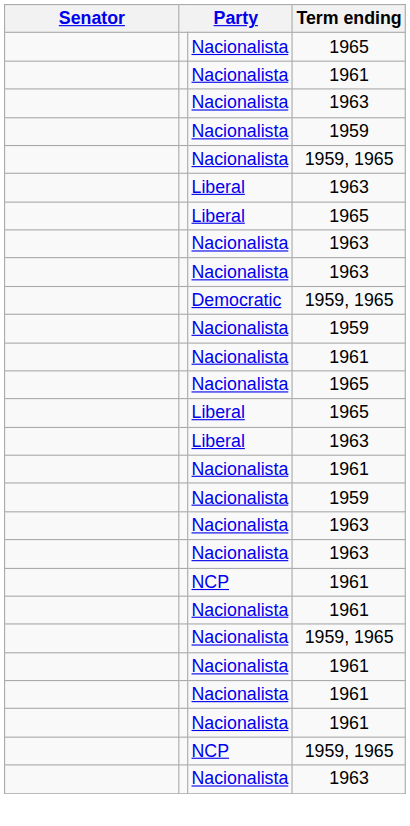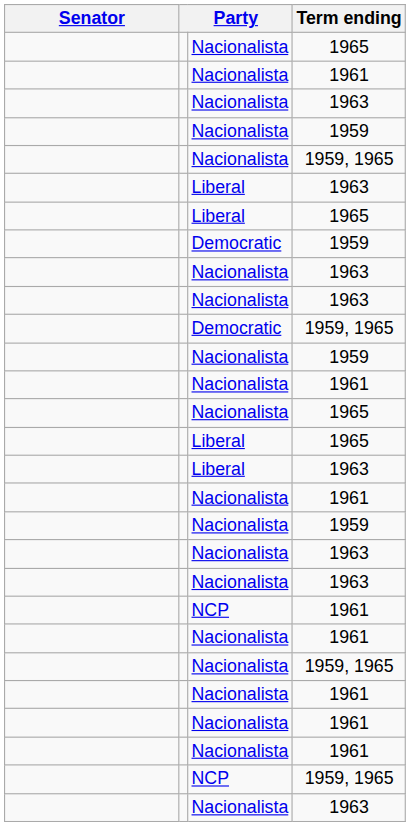 <table class="wikitable sortable">
 <tr>
 <th width="150px"><a href='#'>Senator</a></th>
 <th colspan="2"><a href='#'>Party</a></th>
 <th>Term ending</th>
 </tr>
 <tr>
 <td></td>
 <td></td>
 <td><a href='#'>Nacionalista</a></td>
 <td align="center">1965</td>
 </tr>
 <tr>
 <td></td>
 <td></td>
 <td><a href='#'>Nacionalista</a></td>
 <td align="center">1961</td>
 </tr>
 <tr>
 <td></td>
 <td></td>
 <td><a href='#'>Nacionalista</a></td>
 <td align="center">1963</td>
 </tr>
 <tr>
 <td></td>
 <td></td>
 <td><a href='#'>Nacionalista</a></td>
 <td align="center">1959</td>
 </tr>
 <tr>
 <td></td>
 <td></td>
 <td><a href='#'>Nacionalista</a></td>
 <td align="center">1959, 1965</td>
 </tr>
 <tr>
 <td></td>
 <td></td>
 <td><a href='#'>Liberal</a></td>
 <td align="center">1963</td>
 </tr>
 <tr>
 <td></td>
 <td></td>
 <td><a href='#'>Liberal</a></td>
 <td align="center">1965</td>
+</tr>
+<tr>
+<td></td>
+<td></td>
+<td><a href='#'>Democratic</a></td>
+<td align="center">1959</td>
 </tr>
 <tr>
 <td></td>
 <td></td>
 <td><a href='#'>Nacionalista</a></td>
 <td align="center">1963</td>
 </tr>
 <tr>
 <td></td>
 <td></td>
 <td><a href='#'>Nacionalista</a></td>
 <td align="center">1963</td>
 </tr>
 <tr>
 <td></td>
 <td></td>
 <td><a href='#'>Democratic</a></td>
 <td align="center">1959, 1965</td>
 </tr>
 <tr>
 <td></td>
 <td></td>
 <td><a href='#'>Nacionalista</a></td>
 <td align="center">1959</td>
 </tr>
 <tr>
 <td></td>
 <td></td>
 <td><a href='#'>Nacionalista</a></td>
 <td align="center">1961</td>
 </tr>
 <tr>
 <td></td>
 <td></td>
 <td><a href='#'>Nacionalista</a></td>
 <td align="center">1965</td>
 </tr>
 <tr>
 <td></td>
 <td></td>
 <td><a href='#'>Liberal</a></td>
 <td align="center">1965</td>
 </tr>
 <tr>
 <td></td>
 <td></td>
 <td><a href='#'>Liberal</a></td>
 <td align="center">1963</td>
 </tr>
 <tr>
 <td></td>
 <td></td>
 <td><a href='#'>Nacionalista</a></td>
 <td align="center">1961</td>
 </tr>
 <tr>
 <td></td>
 <td></td>
 <td><a href='#'>Nacionalista</a></td>
 <td align="center">1959</td>
 </tr>
 <tr>
 <td></td>
 <td></td>
 <td><a href='#'>Nacionalista</a></td>
 <td align="center">1963</td>
 </tr>
 <tr>
 <td></td>
 <td></td>
 <td><a href='#'>Nacionalista</a></td>
 <td align="center">1963</td>
 </tr>
 <tr>
 <td></td>
 <td></td>
 <td><a href='#'>NCP</a></td>
 <td align="center">1961</td>
 </tr>
 <tr>
 <td></td>
 <td></td>
 <td><a href='#'>Nacionalista</a></td>
 <td align="center">1961</td>
 </tr>
 <tr>
 <td></td>
 <td></td>
 <td><a href='#'>Nacionalista</a></td>
 <td align="center">1959, 1965</td>
 </tr>
 <tr>
 <td></td>
 <td></td>
 <td><a href='#'>Nacionalista</a></td>
 <td align="center">1961</td>
 </tr>
 <tr>
 <td></td>
 <td></td>
 <td><a href='#'>Nacionalista</a></td>
 <td align="center">1961</td>
 </tr>
 <tr>
 <td></td>
 <td></td>
 <td><a href='#'>Nacionalista</a></td>
 <td align="center">1961</td>
 </tr>
 <tr>
 <td></td>
 <td></td>
 <td><a href='#'>NCP</a></td>
 <td align="center">1959, 1965</td>
 </tr>
 <tr>
 <td></td>
 <td></td>
 <td><a href='#'>Nacionalista</a></td>
 <td align="center">1963</td>
 </tr>
 </table>
